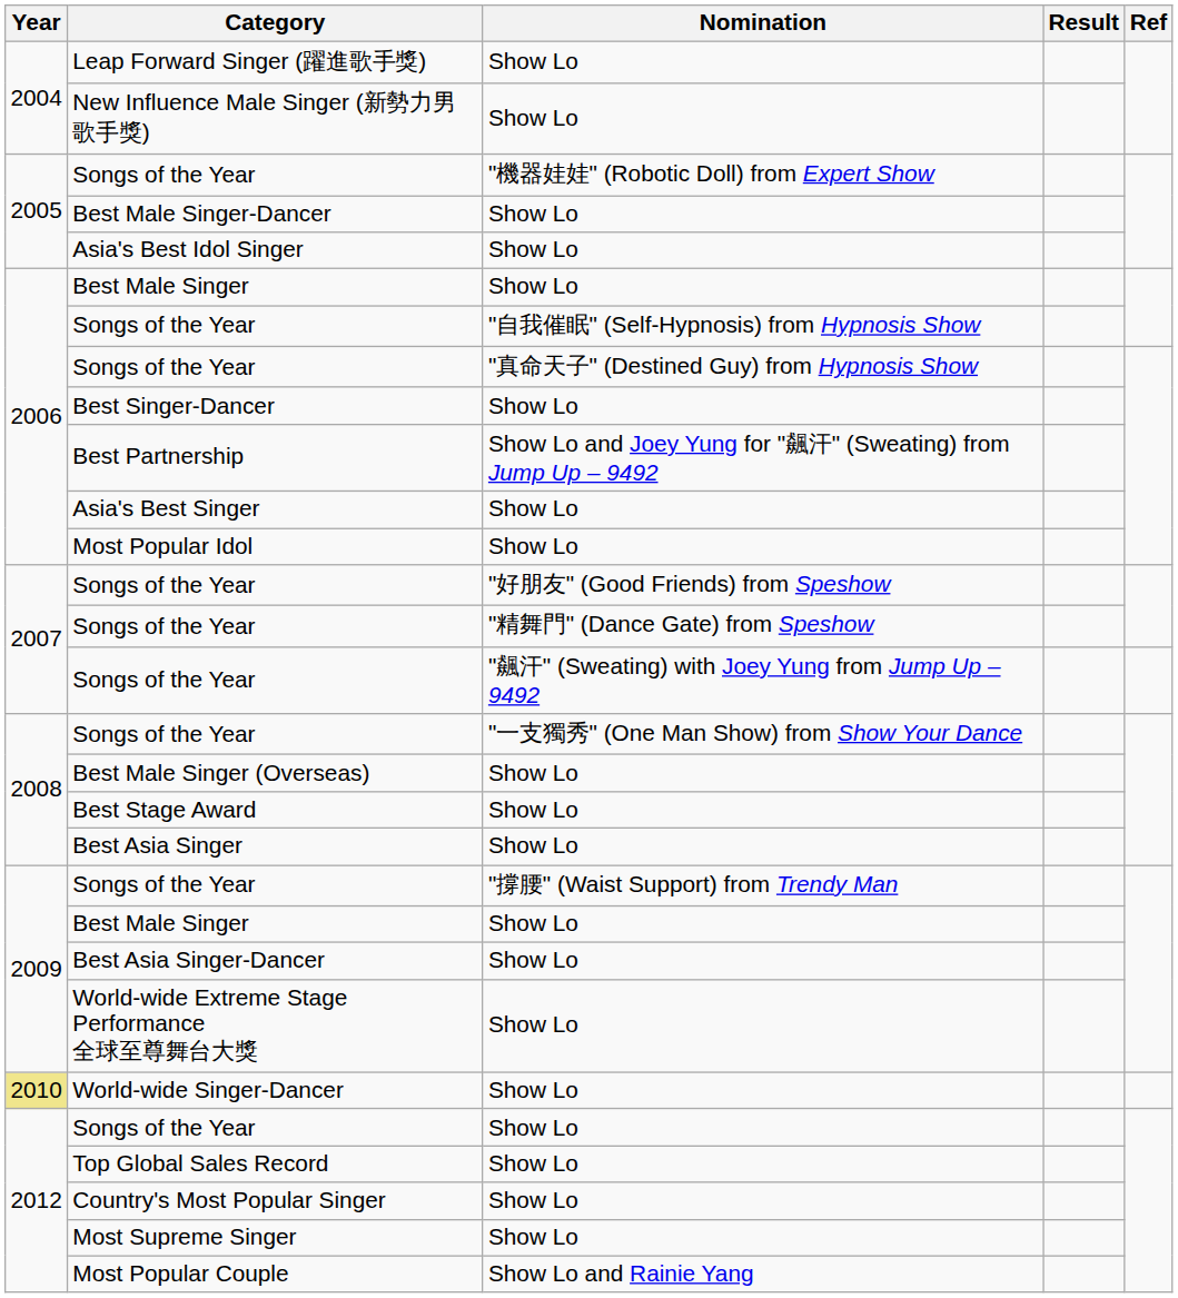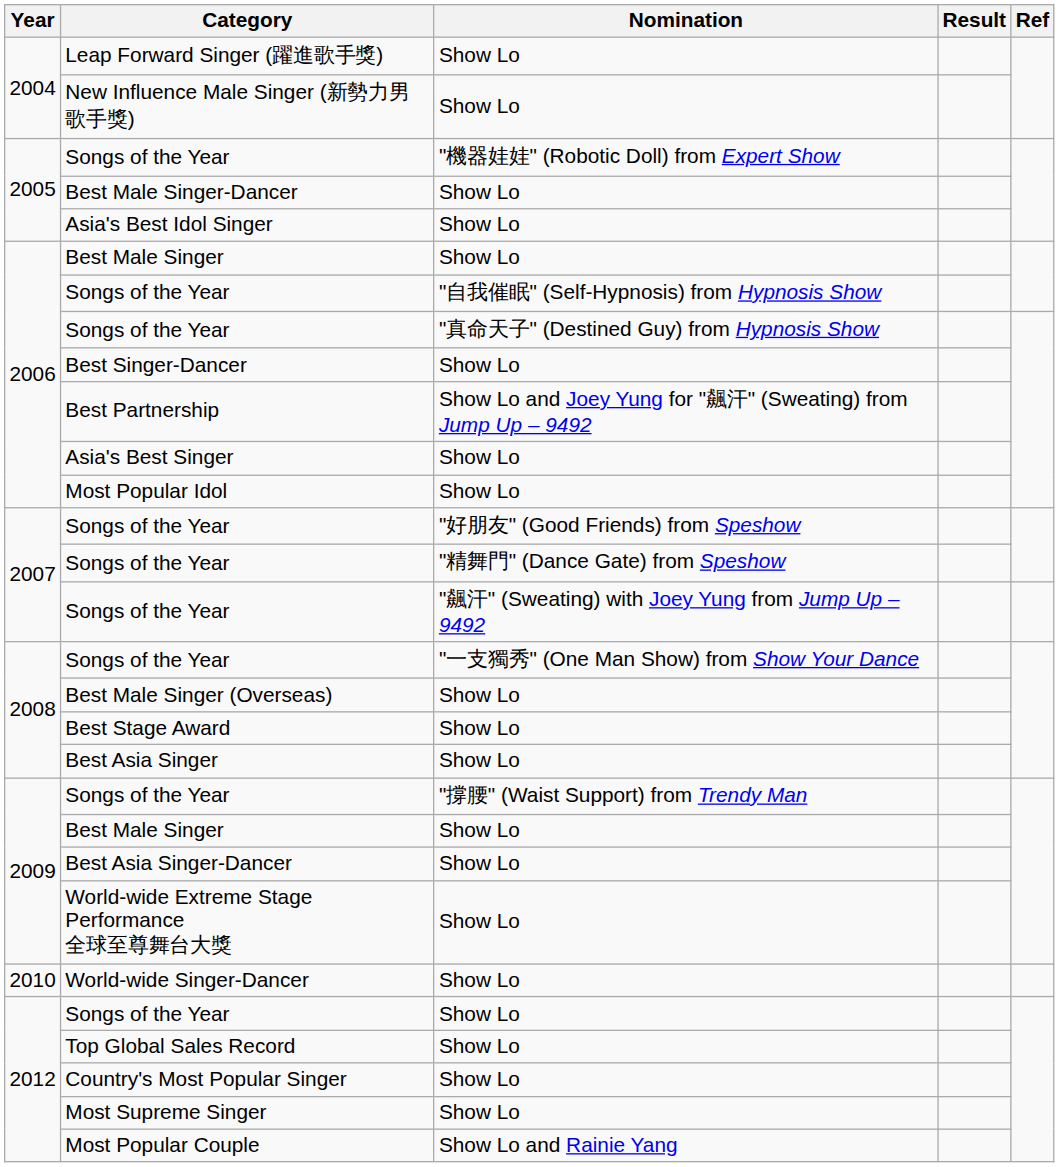 <table class="wikitable">
 <tr>
 <th>Year</th>
 <th width="280">Category</th>
 <th width="380">Nomination</th>
 <th>Result</th>
 <th>Ref</th>
 </tr>
 <tr>
 <td rowspan="2">2004</td>
 <td>Leap Forward Singer (躍進歌手獎)</td>
 <td>Show Lo</td>
 <td></td>
 <td rowspan="2" align="center"></td>
 </tr>
 <tr>
 <td>New Influence Male Singer (新勢力男歌手獎)</td>
 <td>Show Lo</td>
 <td></td>
 </tr>
 <tr>
 <td rowspan="3">2005</td>
 <td>Songs of the Year</td>
 <td>"機器娃娃" (Robotic Doll) from <em><a href='#'>Expert Show</a></em></td>
 <td></td>
 <td rowspan="3" align="center"></td>
 </tr>
 <tr>
 <td>Best Male Singer-Dancer</td>
 <td>Show Lo</td>
 <td></td>
 </tr>
 <tr>
 <td>Asia's Best Idol Singer</td>
 <td>Show Lo</td>
 <td></td>
 </tr>
 <tr>
 <td rowspan="7">2006</td>
 <td>Best Male Singer</td>
 <td>Show Lo</td>
 <td></td>
 <td rowspan="2" align="center"></td>
 </tr>
 <tr>
 <td>Songs of the Year</td>
 <td>"自我催眠" (Self-Hypnosis) from <em><a href='#'>Hypnosis Show</a></em></td>
 <td></td>
 </tr>
 <tr>
 <td>Songs of the Year</td>
 <td>"真命天子" (Destined Guy) from <em><a href='#'>Hypnosis Show</a></em></td>
 <td></td>
 <td rowspan="5" align="center"></td>
 </tr>
 <tr>
 <td>Best Singer-Dancer</td>
 <td>Show Lo</td>
 <td></td>
 </tr>
 <tr>
 <td>Best Partnership</td>
 <td>Show Lo and <a href='#'>Joey Yung</a> for "飆汗" (Sweating) from <em><a href='#'>Jump Up – 9492</a></em></td>
 <td></td>
 </tr>
 <tr>
 <td>Asia's Best Singer</td>
 <td>Show Lo</td>
 <td></td>
 </tr>
 <tr>
 <td>Most Popular Idol</td>
 <td>Show Lo</td>
 <td></td>
 </tr>
 <tr>
 <td rowspan="3">2007</td>
 <td>Songs of the Year</td>
 <td>"好朋友" (Good Friends) from <em><a href='#'>Speshow</a></em></td>
 <td></td>
 <td rowspan="2" align="center"></td>
 </tr>
 <tr>
 <td>Songs of the Year</td>
 <td>"精舞門" (Dance Gate) from <em><a href='#'>Speshow</a></em></td>
 <td></td>
 </tr>
 <tr>
 <td>Songs of the Year</td>
 <td>"飆汗" (Sweating) with <a href='#'>Joey Yung</a> from <em><a href='#'>Jump Up – 9492</a></em></td>
 <td></td>
 <td align="center"></td>
 </tr>
 <tr>
 <td rowspan="4">2008</td>
 <td>Songs of the Year</td>
 <td>"一支獨秀" (One Man Show) from <em><a href='#'>Show Your Dance</a></em></td>
 <td></td>
 <td rowspan="4" align="center"></td>
 </tr>
 <tr>
 <td>Best Male Singer (Overseas)</td>
 <td>Show Lo</td>
 <td></td>
 </tr>
 <tr>
 <td>Best Stage Award</td>
 <td>Show Lo</td>
 <td></td>
 </tr>
 <tr>
 <td>Best Asia Singer</td>
 <td>Show Lo</td>
 <td></td>
 </tr>
 <tr>
 <td rowspan="4">2009</td>
 <td>Songs of the Year</td>
 <td>"撐腰" (Waist Support) from <em><a href='#'>Trendy Man </a></em></td>
 <td></td>
 <td rowspan="4" align="center"></td>
 </tr>
 <tr>
 <td>Best Male Singer</td>
 <td>Show Lo</td>
 <td></td>
 </tr>
 <tr>
 <td>Best Asia Singer-Dancer</td>
 <td>Show Lo</td>
 <td></td>
 </tr>
 <tr>
 <td>World-wide Extreme Stage Performance<br>全球至尊舞台大獎</td>
 <td>Show Lo</td>
 <td></td>
 </tr>
 <tr>
-<td style="background: khaki;">2010</td>
+<td>2010</td>
 <td>World-wide Singer-Dancer</td>
 <td>Show Lo</td>
 <td></td>
 <td align="center"></td>
 </tr>
 <tr>
 <td rowspan="5">2012</td>
 <td>Songs of the Year</td>
 <td>Show Lo</td>
 <td></td>
 </tr>
 <tr>
 <td>Top Global Sales Record</td>
 <td>Show Lo</td>
 <td></td>
 </tr>
 <tr>
 <td>Country's Most Popular Singer</td>
 <td>Show Lo</td>
 <td></td>
 </tr>
 <tr>
 <td>Most Supreme Singer</td>
 <td>Show Lo</td>
 <td></td>
 </tr>
 <tr>
 <td>Most Popular Couple</td>
 <td>Show Lo and <a href='#'>Rainie Yang</a></td>
 <td></td>
 </tr>
 </table>
